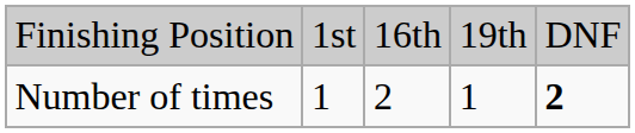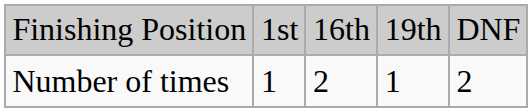 <table class="wikitable">
 <tr style="background:#CCCCCC;">
 <td>Finishing Position</td>
 <td>1st</td>
 <td>16th</td>
 <td>19th</td>
 <td>DNF</td>
 </tr>
 <tr>
 <td>Number of times</td>
 <td>1</td>
 <td>2</td>
 <td>1</td>
-<td><strong>2</strong></td>
+<td>2</td>
 </tr>
 </table>
